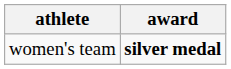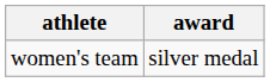 <table class="wikitable">
 <tr>
 <th>athlete</th>
 <th>award</th>
 </tr>
 <tr>
 <td>women's team</td>
-<td><strong>silver medal</strong></td>
+<td>silver medal</td>
 </tr>
 </table>
